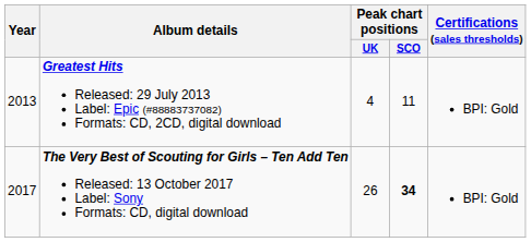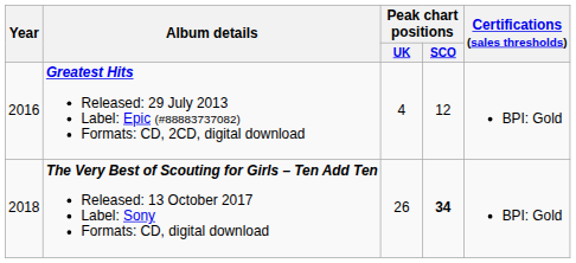 <table class="wikitable" style="text-align:center;">
 <tr>
 <th rowspan="2">Year</th>
 <th rowspan="2">Album details</th>
 <th colspan="2">Peak chart positions</th>
 <th rowspan="2"><a href='#'>Certifications</a><br><small>(<a href='#'>sales thresholds</a>)</small></th>
 </tr>
 <tr>
 <th style="width:3em;font-size:85%;"><a href='#'>UK</a><br></th>
 <th style="width:3em;font-size:85%;"><a href='#'>SCO</a><br></th>
 </tr>
 <tr>
-<td>2013</td>
+<td>2016</td>
 <td align="left"><strong><em><a href='#'>Greatest Hits</a></em></strong><br><ul><li>Released: 29 July 2013</li><li>Label: <a href='#'>Epic</a> <small>(#88883737082)</small></li><li>Formats: CD, 2CD, digital download</li></ul></td>
 <td>4</td>
-<td>11</td>
+<td>12</td>
 <td align="left"><br><ul><li>BPI: Gold</li></ul></td>
 </tr>
 <tr>
-<td>2017</td>
+<td>2018</td>
 <td align="left"><strong><em>The Very Best of Scouting for Girls – Ten Add Ten</em></strong><br><ul><li>Released: 13 October 2017</li><li>Label: <a href='#'>Sony</a></li><li>Formats: CD, digital download</li></ul></td>
 <td>26</td>
 <td><strong>34</strong></td>
 <td align="left"><br><ul><li>BPI: Gold</li></ul></td>
 </tr>
 </table>
